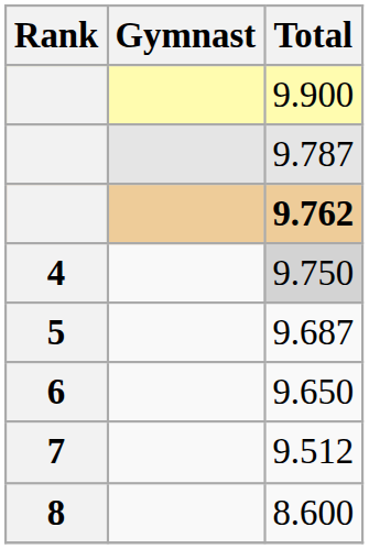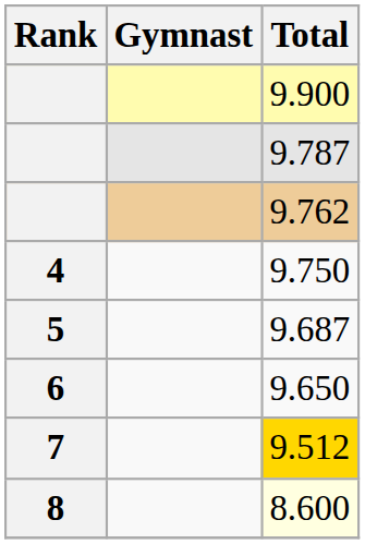 <table class="wikitable sortable" style="text-align:center; font-size:95%">
 <tr>
 <th scope=col>Rank</th>
 <th scope=col>Gymnast</th>
 <th scope=col>Total</th>
 </tr>
 <tr bgcolor=fffcaf>
 <th scope=row style="text-align:center"></th>
 <td align=left></td>
 <td>9.900</td>
 </tr>
 <tr bgcolor=e5e5e5>
 <th scope=row style="text-align:center"></th>
 <td align=left></td>
 <td>9.787</td>
 </tr>
 <tr bgcolor=eecc99>
 <th scope=row style="text-align:center"></th>
 <td align=left></td>
-<td><strong>9.762</strong></td>
+<td>9.762</td>
 </tr>
 <tr>
 <th scope=row style="text-align:center">4</th>
 <td align=left></td>
-<td style="background: lightgrey;">9.750</td>
+<td>9.750</td>
 </tr>
 <tr>
 <th scope=row style="text-align:center">5</th>
 <td align=left></td>
 <td>9.687</td>
 </tr>
 <tr>
 <th scope=row style="text-align:center">6</th>
 <td align=left></td>
 <td>9.650</td>
 </tr>
 <tr>
 <th scope=row style="text-align:center">7</th>
 <td align=left></td>
-<td>9.512</td>
+<td style="background: gold;">9.512</td>
 </tr>
 <tr>
 <th scope=row style="text-align:center">8</th>
 <td align=left></td>
-<td>8.600</td>
+<td style="background: lightyellow;">8.600</td>
 </tr>
 <tr>
 </tr>
 </table>
